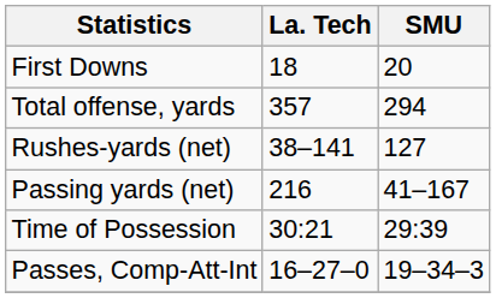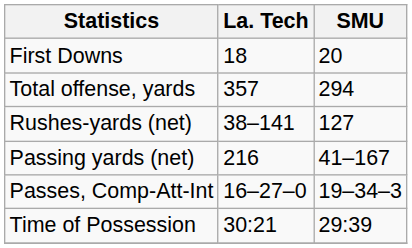 <table class="wikitable">
 <tr>
 <th>Statistics</th>
 <th>La. Tech</th>
 <th>SMU</th>
 </tr>
 <tr>
 <td>First Downs</td>
 <td>18</td>
 <td>20</td>
 </tr>
 <tr>
 <td>Total offense, yards</td>
 <td>357</td>
 <td>294</td>
 </tr>
 <tr>
 <td>Rushes-yards (net)</td>
 <td>38–141</td>
 <td>127</td>
 </tr>
 <tr>
 <td>Passing yards (net)</td>
 <td>216</td>
 <td>41–167</td>
 </tr>
 <tr>
+<td>Passes, Comp-Att-Int</td>
+<td>16–27–0</td>
+<td>19–34–3</td>
+</tr>
+<tr>
 <td>Time of Possession</td>
 <td>30:21</td>
 <td>29:39</td>
 </tr>
 <tr>
-<td>Passes, Comp-Att-Int</td>
-<td>16–27–0</td>
-<td>19–34–3</td>
-</tr>
-<tr>
 </tr>
 </table>
